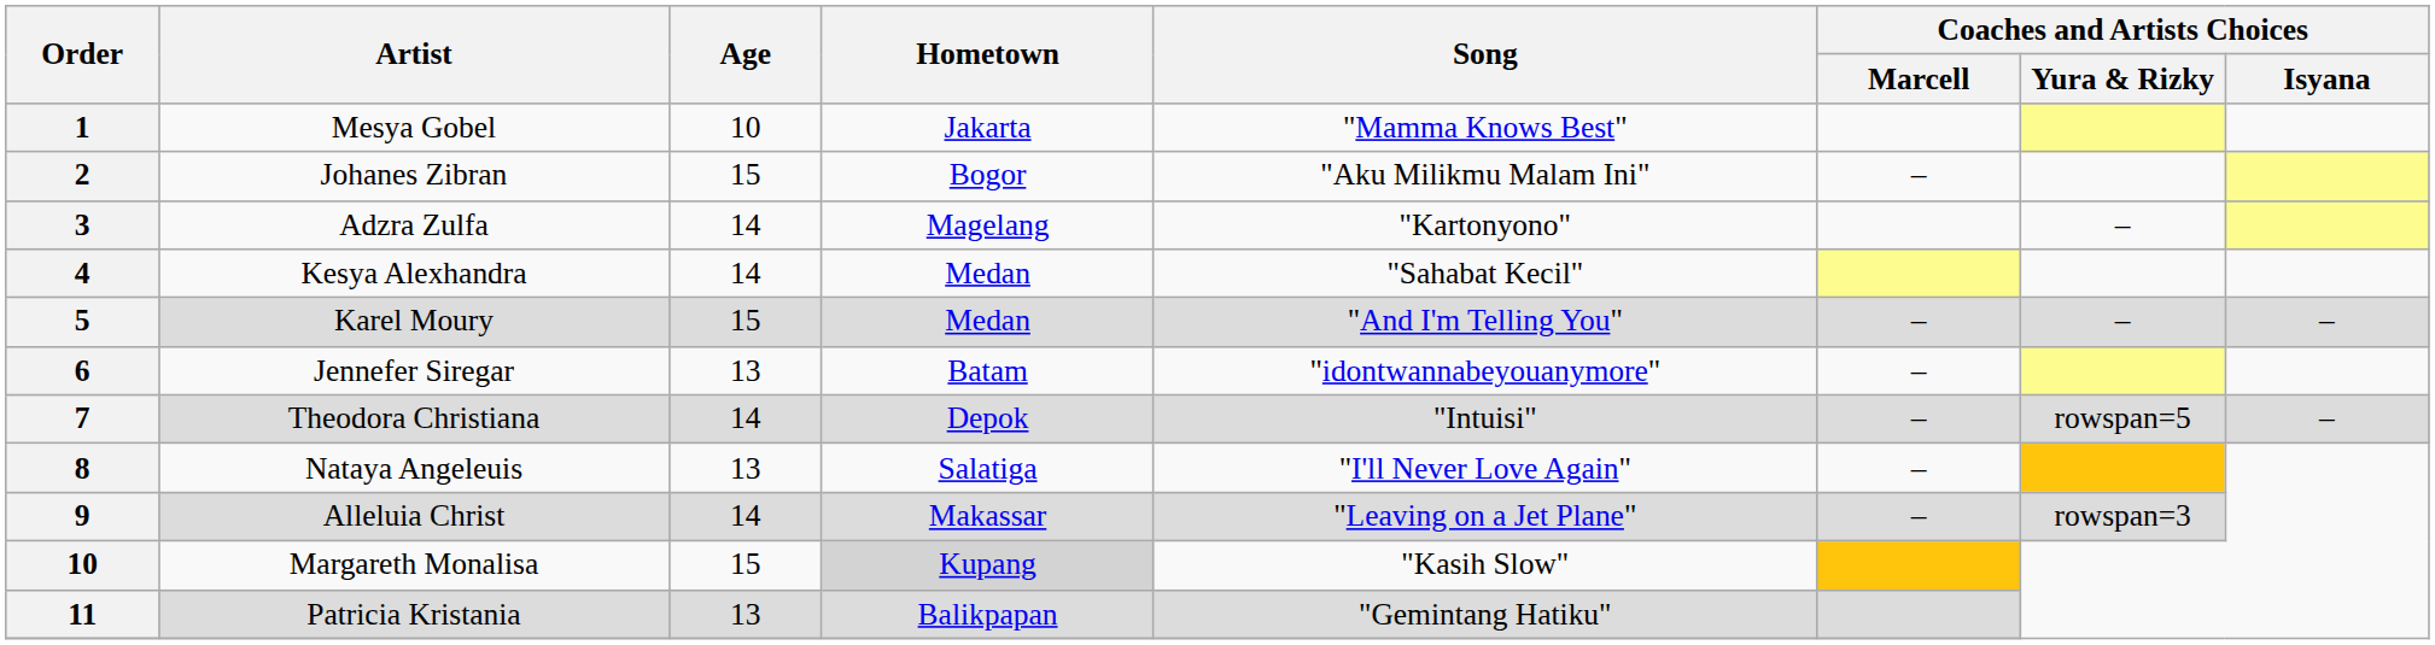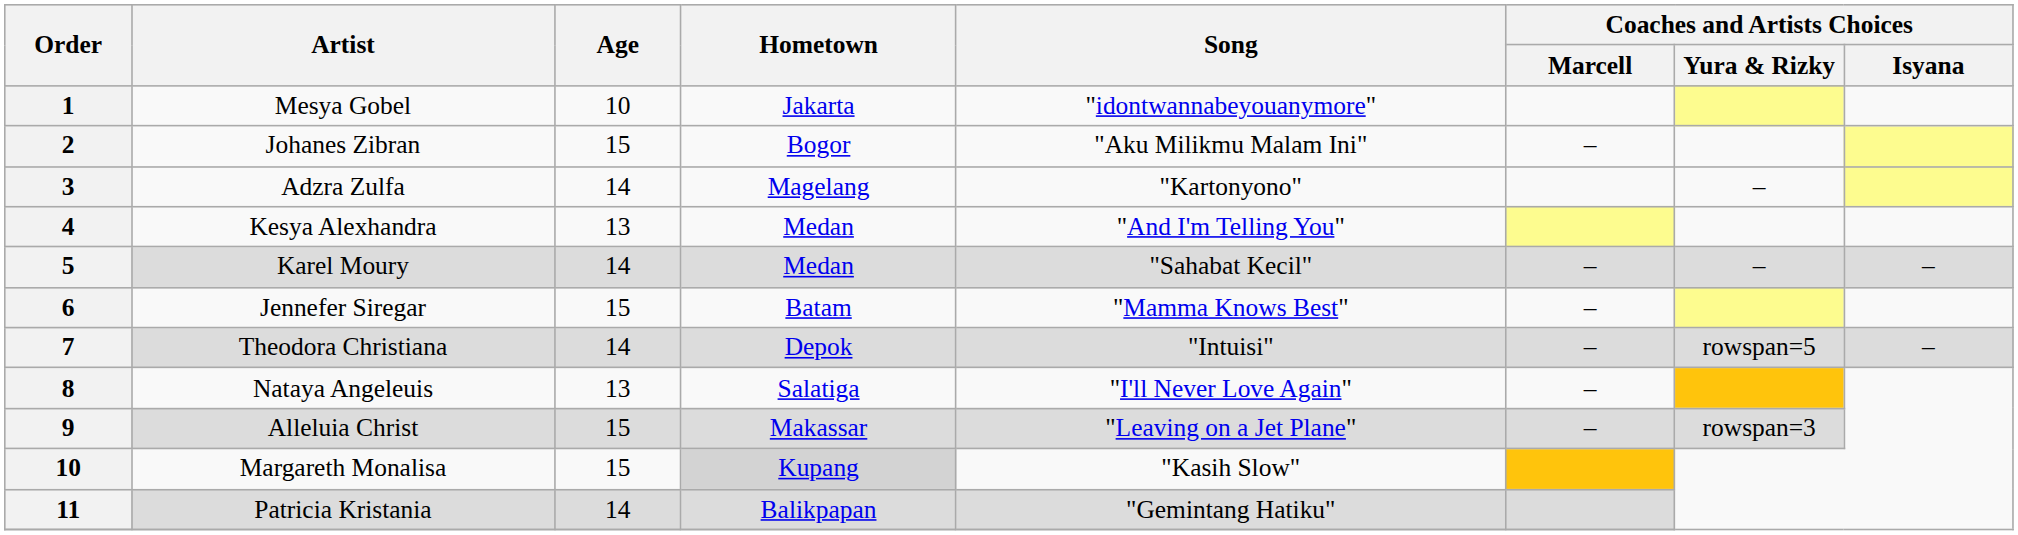 <table class="wikitable" style="text-align:center; width:100%;">
 <tr>
 <th rowspan="2" scope="col" style="width:06%;">Order</th>
 <th rowspan="2" scope="col" style="width:20%;">Artist</th>
 <th rowspan="2" scope="col" style="width:06%;">Age</th>
 <th rowspan="2" scope="col" style="width:13%;">Hometown</th>
 <th rowspan="2" scope="col" style="width:26%;">Song</th>
 <th colspan="3" scope="col" style="width:40%;">Coaches and Artists Choices</th>
 </tr>
 <tr>
 <th style="width:08%;">Marcell</th>
 <th style="width:08%;">Yura & Rizky</th>
 <th style="width:08%;">Isyana</th>
 </tr>
 <tr>
 <th>1</th>
 <td>Mesya Gobel</td>
 <td>10</td>
 <td><a href='#'>Jakarta</a></td>
-<td>"<a href='#'>Mamma Knows Best</a>"</td>
+<td>"<a href='#'>idontwannabeyouanymore</a>"</td>
 <td><strong></strong></td>
 <td style="background:#fdfc8f;"><strong></strong></td>
 <td><strong></strong></td>
 </tr>
 <tr>
 <th>2</th>
 <td>Johanes Zibran</td>
 <td>15</td>
 <td><a href='#'>Bogor</a></td>
 <td>"Aku Milikmu Malam Ini"</td>
 <td>–</td>
 <td><strong></strong></td>
 <td style="background:#fdfc8f;"><strong></strong></td>
 </tr>
 <tr>
 <th>3</th>
 <td>Adzra Zulfa</td>
 <td>14</td>
 <td><a href='#'>Magelang</a></td>
 <td>"Kartonyono"</td>
 <td><strong></strong></td>
 <td>–</td>
 <td style="background:#fdfc8f;"><strong></strong></td>
 </tr>
 <tr>
 <th>4</th>
 <td>Kesya Alexhandra</td>
-<td>14</td>
+<td>13</td>
 <td><a href='#'>Medan</a></td>
-<td>"Sahabat Kecil"</td>
+<td>"<a href='#'>And I'm Telling You</a>"</td>
 <td style="background:#fdfc8f;"><strong></strong></td>
 <td><strong></strong></td>
 <td><strong></strong></td>
 </tr>
 <tr style="background:#DCDCDC;">
 <th>5</th>
 <td>Karel Moury</td>
-<td>15</td>
+<td>14</td>
 <td><a href='#'>Medan</a></td>
-<td>"<a href='#'>And I'm Telling You</a>"</td>
+<td>"Sahabat Kecil"</td>
 <td>–</td>
 <td>–</td>
 <td>–</td>
 </tr>
 <tr>
 <th>6</th>
 <td>Jennefer Siregar</td>
-<td>13</td>
+<td>15</td>
 <td><a href='#'>Batam</a></td>
-<td>"<a href='#'>idontwannabeyouanymore</a>"</td>
+<td>"<a href='#'>Mamma Knows Best</a>"</td>
 <td>–</td>
 <td style="background:#fdfc8f;"><strong></strong></td>
 <td><strong></strong></td>
 </tr>
 <tr style="background:#DCDCDC;">
 <th>7</th>
 <td>Theodora Christiana</td>
 <td>14</td>
 <td><a href='#'>Depok</a></td>
 <td>"Intuisi"</td>
 <td>–</td>
 <td>rowspan=5 </td>
 <td>–</td>
 </tr>
 <tr>
 <th>8</th>
 <td>Nataya Angeleuis</td>
 <td>13</td>
 <td><a href='#'>Salatiga</a></td>
 <td>"<a href='#'>I'll Never Love Again</a>"</td>
 <td>–</td>
 <td style="background:#ffc40c"><strong></strong></td>
 </tr>
 <tr style="background:#DCDCDC;">
 <th>9</th>
 <td>Alleluia Christ</td>
-<td>14</td>
+<td>15</td>
 <td><a href='#'>Makassar</a></td>
 <td>"<a href='#'>Leaving on a Jet Plane</a>"</td>
 <td>–</td>
 <td>rowspan=3 </td>
 </tr>
 <tr>
 <th>10</th>
 <td>Margareth Monalisa</td>
 <td>15</td>
 <td style="background: lightgrey;"><a href='#'>Kupang</a></td>
 <td>"Kasih Slow"</td>
 <td style="background:#ffc40c"><strong></strong></td>
 </tr>
 <tr style="background:#DCDCDC;">
 <th>11</th>
 <td>Patricia Kristania</td>
-<td>13</td>
+<td>14</td>
 <td><a href='#'>Balikpapan</a></td>
 <td>"Gemintang Hatiku"</td>
 <td></td>
 </tr>
 <tr>
 </tr>
 </table>
